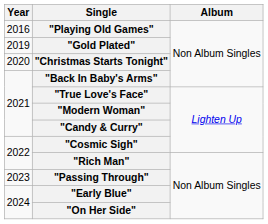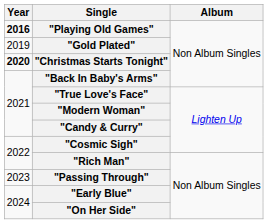 <table class="wikitable plainrowheaders" style="text-align:center;">
 <tr>
 <th scope="col">Year</th>
 <th scope="col">Single</th>
 <th scope="col">Album</th>
 </tr>
 <tr>
-<td rowspan="1">2016</td>
+<td rowspan="1"><strong>2016</strong></td>
 <th scope="row">"Playing Old Games"</th>
 <td rowspan="4">Non Album Singles</td>
 </tr>
 <tr>
 <td rowspan="1">2019</td>
 <th scope="row">"Gold Plated"</th>
 </tr>
 <tr>
-<td rowspan="1">2020</td>
+<td rowspan="1"><strong>2020</strong></td>
 <th scope="row">"Christmas Starts Tonight"</th>
 </tr>
 <tr>
 <td rowspan="4">2021</td>
 <th scope="row">"Back In Baby's Arms"</th>
 </tr>
 <tr>
 <th scope="row">"True Love's Face"</th>
 <td rowspan="4"><em><a href='#'>Lighten Up</a></em></td>
 </tr>
 <tr>
 <th scope="row">"Modern Woman"</th>
 </tr>
 <tr>
 <th scope="row">"Candy & Curry"</th>
 </tr>
 <tr>
 <td rowspan="2">2022</td>
 <th scope="row">"Cosmic Sigh"</th>
 </tr>
 <tr>
 <th scope="row">"Rich Man"</th>
 <td rowspan="4">Non Album Singles</td>
 </tr>
 <tr>
 <td rowspan="1">2023</td>
 <th scope="row">"Passing Through"</th>
 </tr>
 <tr>
 <td rowspan="2">2024</td>
 <th scope="row">"Early Blue"</th>
 </tr>
 <tr>
 <th scope="row">"On Her Side"</th>
 </tr>
 </table>
